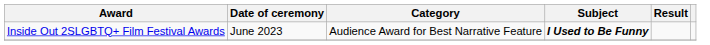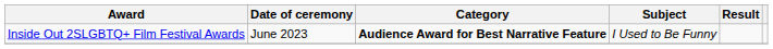 <table class="wikitable sortable">
 <tr>
 <th scope="col">Award</th>
 <th scope="col">Date of ceremony</th>
 <th scope="col">Category</th>
 <th scope="col">Subject</th>
 <th scope="col">Result</th>
 <th scope="col" class="unsortable"></th>
 </tr>
 <tr>
 <td><a href='#'>Inside Out 2SLGBTQ+ Film Festival Awards</a></td>
 <td>June 2023</td>
-<td>Audience Award for Best Narrative Feature</td>
-<td><strong><em>I Used to Be Funny</em></strong></td>
+<td><strong>Audience Award for Best Narrative Feature</strong></td>
+<td><em>I Used to Be Funny</em></td>
 <td></td>
 <td style="text-align:center;"></td>
 </tr>
 <tr>
 </tr>
 </table>
